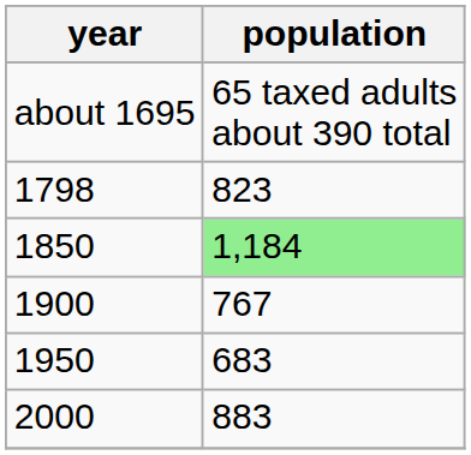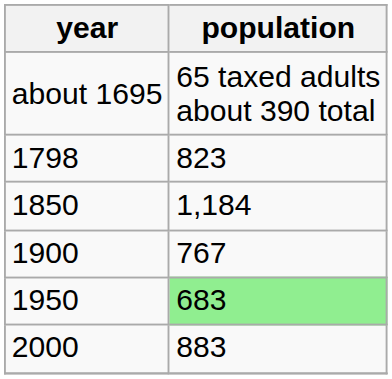 <table class="wikitable">
 <tr>
 <th>year</th>
 <th>population</th>
 </tr>
 <tr>
 <td>about 1695</td>
 <td>65 taxed adults<br>about 390 total</td>
 </tr>
 <tr>
 <td>1798</td>
 <td>823</td>
 </tr>
 <tr>
 <td>1850</td>
-<td style="background: lightgreen;">1,184</td>
+<td>1,184</td>
 </tr>
 <tr>
 <td>1900</td>
 <td>767</td>
 </tr>
 <tr>
 <td>1950</td>
-<td>683</td>
+<td style="background: lightgreen;">683</td>
 </tr>
 <tr>
 <td>2000</td>
 <td>883</td>
 </tr>
 <tr>
 </tr>
 </table>
